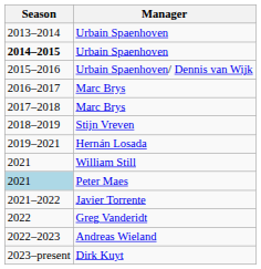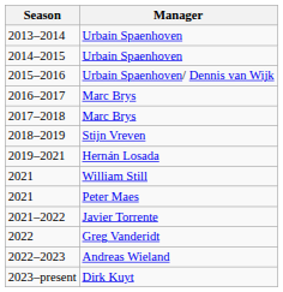 <table class="wikitable">
 <tr>
 <th>Season</th>
 <th>Manager</th>
 </tr>
 <tr>
 <td>2013–2014</td>
 <td> <a href='#'>Urbain Spaenhoven</a></td>
 </tr>
 <tr>
-<td><strong>2014–2015</strong></td>
+<td>2014–2015</td>
 <td> <a href='#'>Urbain Spaenhoven</a></td>
 </tr>
 <tr>
 <td>2015–2016</td>
 <td> <a href='#'>Urbain Spaenhoven</a>/ <a href='#'>Dennis van Wijk</a></td>
 </tr>
 <tr>
 <td>2016–2017</td>
 <td> <a href='#'>Marc Brys</a></td>
 </tr>
 <tr>
 <td>2017–2018</td>
 <td> <a href='#'>Marc Brys</a></td>
 </tr>
 <tr>
 <td>2018–2019</td>
 <td> <a href='#'>Stijn Vreven</a></td>
 </tr>
 <tr>
 <td>2019–2021</td>
 <td> <a href='#'>Hernán Losada</a></td>
 </tr>
 <tr>
 <td>2021</td>
 <td> <a href='#'>William Still</a></td>
 </tr>
 <tr>
-<td style="background: lightblue;">2021</td>
+<td>2021</td>
 <td> <a href='#'>Peter Maes</a></td>
 </tr>
 <tr>
 <td>2021–2022</td>
 <td> <a href='#'>Javier Torrente</a></td>
 </tr>
 <tr>
 <td>2022</td>
 <td> <a href='#'>Greg Vanderidt</a></td>
 </tr>
 <tr>
 <td>2022–2023</td>
 <td> <a href='#'>Andreas Wieland</a></td>
 </tr>
 <tr>
 <td>2023–present</td>
 <td> <a href='#'>Dirk Kuyt</a></td>
 </tr>
 </table>
